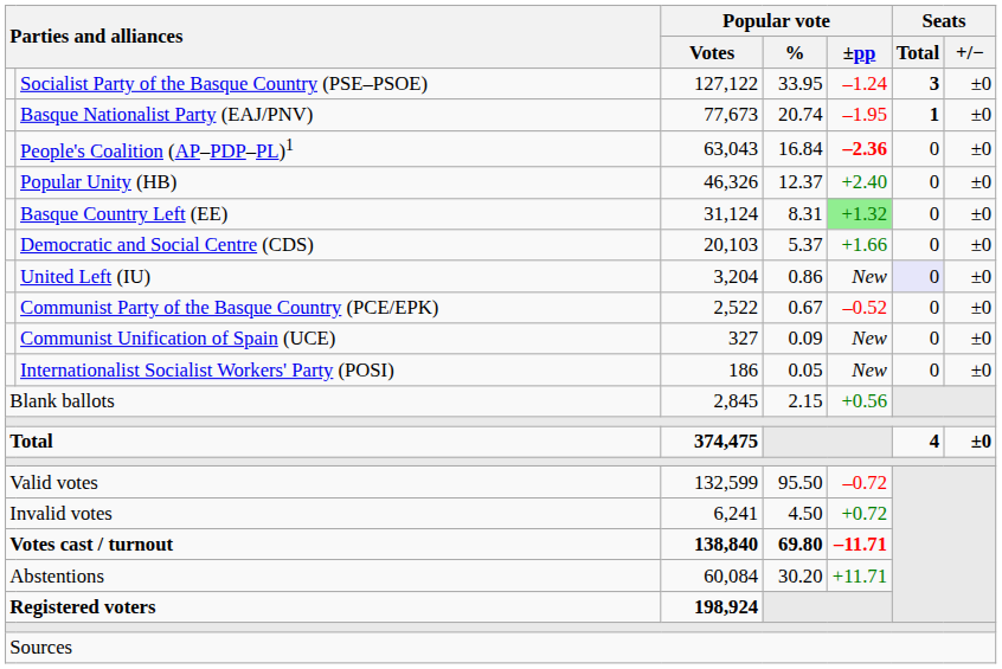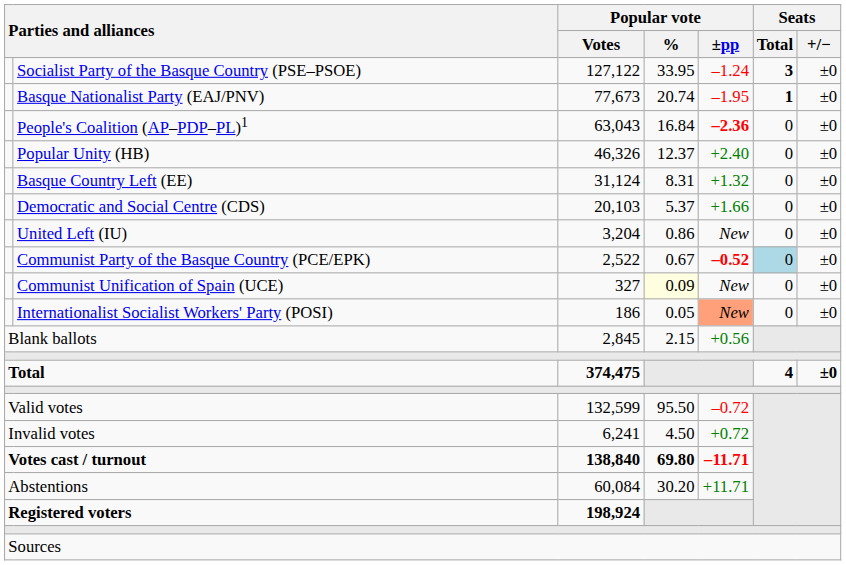 <table class="wikitable" style="text-align:right;">
 <tr>
 <th style="text-align:left;" rowspan="2" colspan="2" width="525">Parties and alliances</th>
 <th colspan="3">Popular vote</th>
 <th colspan="2">Seats</th>
 </tr>
 <tr>
 <th width="75">Votes</th>
 <th width="45">%</th>
 <th width="45">±<a href='#'>pp</a></th>
 <th width="35">Total</th>
 <th width="35">+/−</th>
 </tr>
 <tr>
 <td width="1" style="color:inherit;background:"></td>
 <td align="left"><a href='#'>Socialist Party of the Basque Country</a> (PSE–PSOE)</td>
 <td>127,122</td>
 <td>33.95</td>
 <td style="color:red;">–1.24</td>
 <td><strong>3</strong></td>
 <td>±0</td>
 </tr>
 <tr>
 <td style="color:inherit;background:"></td>
 <td align="left"><a href='#'>Basque Nationalist Party</a> (EAJ/PNV)</td>
 <td>77,673</td>
 <td>20.74</td>
 <td style="color:red;">–1.95</td>
 <td><strong>1</strong></td>
 <td>±0</td>
 </tr>
 <tr>
 <td style="color:inherit;background:"></td>
 <td align="left"><a href='#'>People's Coalition</a> (<a href='#'>AP</a>–<a href='#'>PDP</a>–<a href='#'>PL</a>)<sup>1</sup></td>
 <td>63,043</td>
 <td>16.84</td>
 <td style="color:red;"><strong>–2.36</strong></td>
 <td>0</td>
 <td>±0</td>
 </tr>
 <tr>
 <td style="color:inherit;background:"></td>
 <td align="left"><a href='#'>Popular Unity</a> (HB)</td>
 <td>46,326</td>
 <td>12.37</td>
 <td style="color:green;">+2.40</td>
 <td>0</td>
 <td>±0</td>
 </tr>
 <tr>
 <td style="color:inherit;background:"></td>
 <td align="left"><a href='#'>Basque Country Left</a> (EE)</td>
 <td>31,124</td>
 <td>8.31</td>
-<td style="background: lightgreen; color:green;">+1.32</td>
+<td style="color:green;">+1.32</td>
 <td>0</td>
 <td>±0</td>
 </tr>
 <tr>
 <td style="color:inherit;background:"></td>
 <td align="left"><a href='#'>Democratic and Social Centre</a> (CDS)</td>
 <td>20,103</td>
 <td>5.37</td>
 <td style="color:green;">+1.66</td>
 <td>0</td>
 <td>±0</td>
 </tr>
 <tr>
 <td style="color:inherit;background:"></td>
 <td align="left"><a href='#'>United Left</a> (IU)</td>
 <td>3,204</td>
 <td>0.86</td>
 <td><em>New</em></td>
-<td style="background: lavender;">0</td>
+<td>0</td>
 <td>±0</td>
 </tr>
 <tr>
 <td style="color:inherit;background:"></td>
 <td align="left"><a href='#'>Communist Party of the Basque Country</a> (PCE/EPK)</td>
 <td>2,522</td>
 <td>0.67</td>
-<td style="color:red;">–0.52</td>
-<td>0</td>
+<td style="color:red;"><strong>–0.52</strong></td>
+<td style="background: lightblue;">0</td>
 <td>±0</td>
 </tr>
 <tr>
 <td style="color:inherit;background:"></td>
 <td align="left"><a href='#'>Communist Unification of Spain</a> (UCE)</td>
 <td>327</td>
-<td>0.09</td>
+<td style="background: lightyellow;">0.09</td>
 <td><em>New</em></td>
 <td>0</td>
 <td>±0</td>
 </tr>
 <tr>
 <td style="color:inherit;background:"></td>
 <td align="left"><a href='#'>Internationalist Socialist Workers' Party</a> (POSI)</td>
 <td>186</td>
 <td>0.05</td>
-<td><em>New</em></td>
+<td style="background: lightsalmon;"><em>New</em></td>
 <td>0</td>
 <td>±0</td>
 </tr>
 <tr>
 <td align="left" colspan="2">Blank ballots</td>
 <td>2,845</td>
 <td>2.15</td>
 <td style="color:green;">+0.56</td>
 <td bgcolor="#E9E9E9" colspan="2"></td>
 </tr>
 <tr>
 <td colspan="7" bgcolor="#E9E9E9"></td>
 </tr>
 <tr style="font-weight:bold;">
 <td align="left" colspan="2">Total</td>
 <td>374,475</td>
 <td bgcolor="#E9E9E9" colspan="2"></td>
 <td>4</td>
 <td>±0</td>
 </tr>
 <tr>
 <td colspan="7" bgcolor="#E9E9E9"></td>
 </tr>
 <tr>
 <td align="left" colspan="2">Valid votes</td>
 <td>132,599</td>
 <td>95.50</td>
 <td style="color:red;">–0.72</td>
 <td bgcolor="#E9E9E9" colspan="2" rowspan="5"></td>
 </tr>
 <tr>
 <td align="left" colspan="2">Invalid votes</td>
 <td>6,241</td>
 <td>4.50</td>
 <td style="color:green;">+0.72</td>
 </tr>
 <tr style="font-weight:bold;">
 <td align="left" colspan="2">Votes cast / turnout</td>
 <td>138,840</td>
 <td>69.80</td>
 <td style="color:red;">–11.71</td>
 </tr>
 <tr>
 <td align="left" colspan="2">Abstentions</td>
 <td>60,084</td>
 <td>30.20</td>
 <td style="color:green;">+11.71</td>
 </tr>
 <tr style="font-weight:bold;">
 <td align="left" colspan="2">Registered voters</td>
 <td>198,924</td>
 <td bgcolor="#E9E9E9" colspan="2"></td>
 </tr>
 <tr>
 <td colspan="7" bgcolor="#E9E9E9"></td>
 </tr>
 <tr>
 <td align="left" colspan="7">Sources</td>
 </tr>
 </table>
